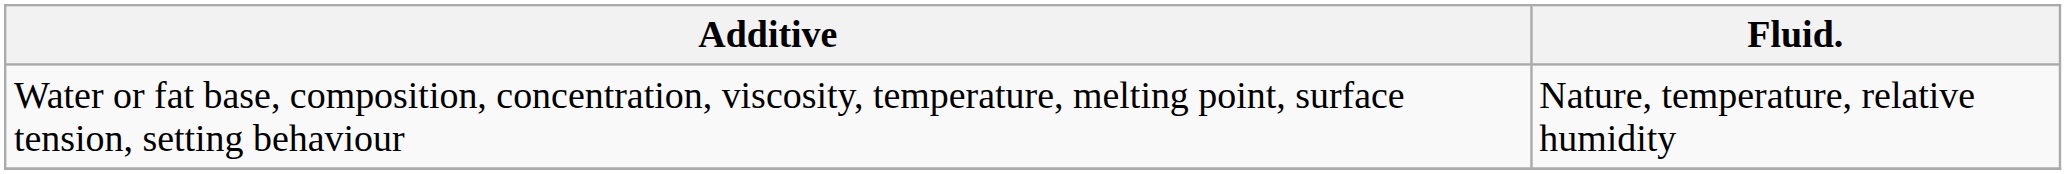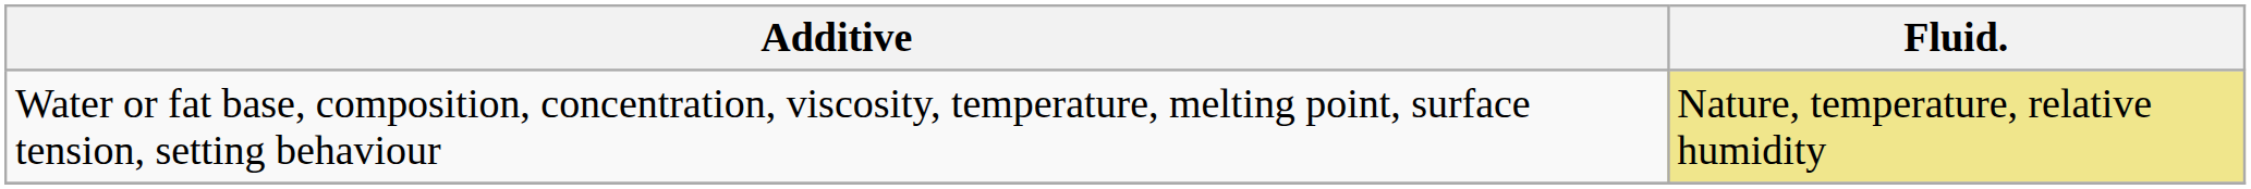 <table class="wikitable">
 <tr>
 <th>Additive</th>
 <th>Fluid.</th>
 </tr>
 <tr>
 <td>Water or fat base, composition, concentration, viscosity, temperature, melting point, surface tension, setting behaviour</td>
-<td>Nature, temperature, relative humidity</td>
+<td style="background: khaki;">Nature, temperature, relative humidity</td>
 </tr>
 <tr>
 </tr>
 </table>
